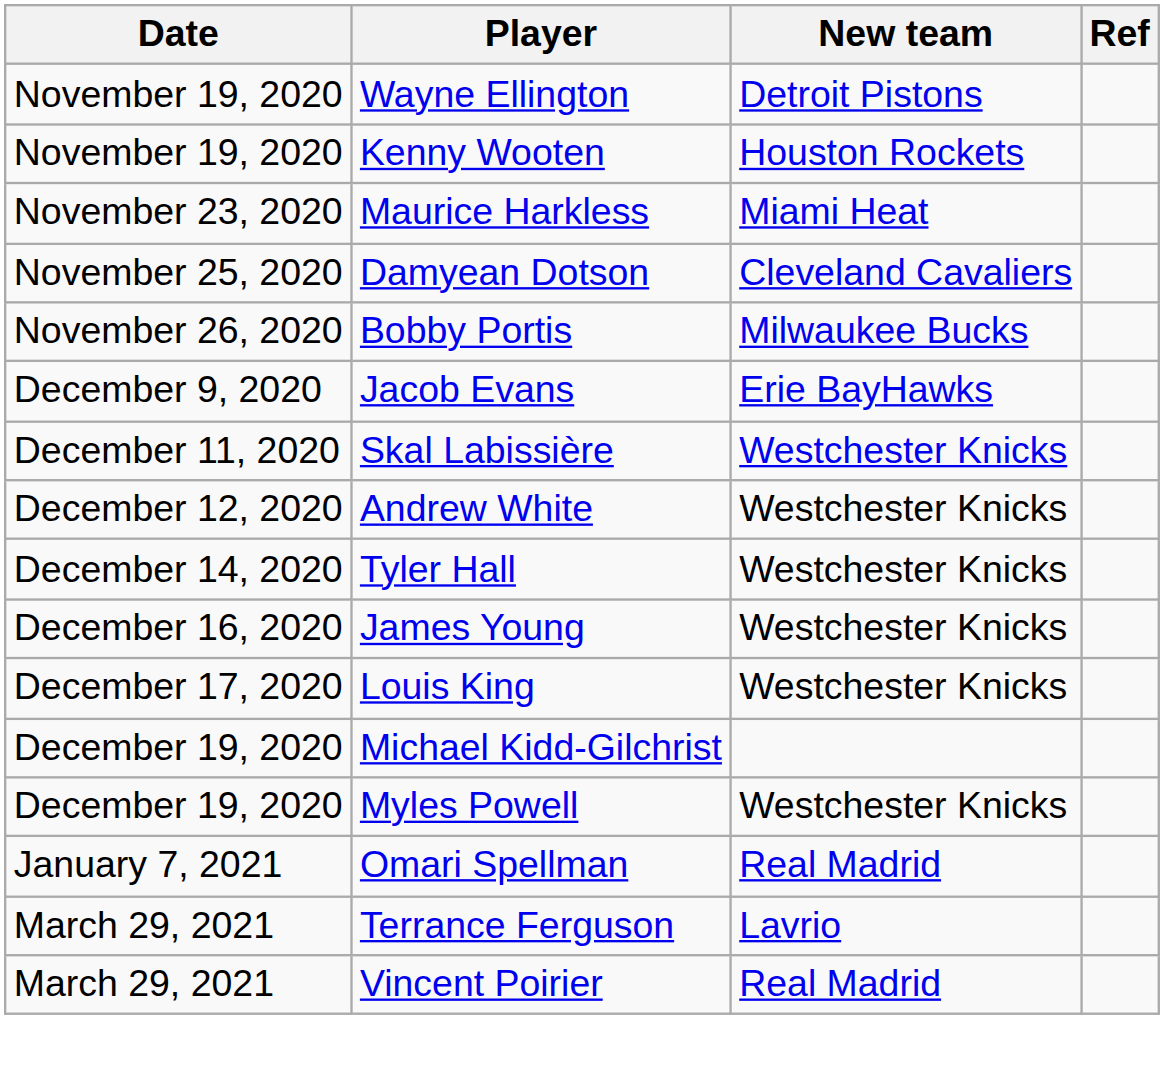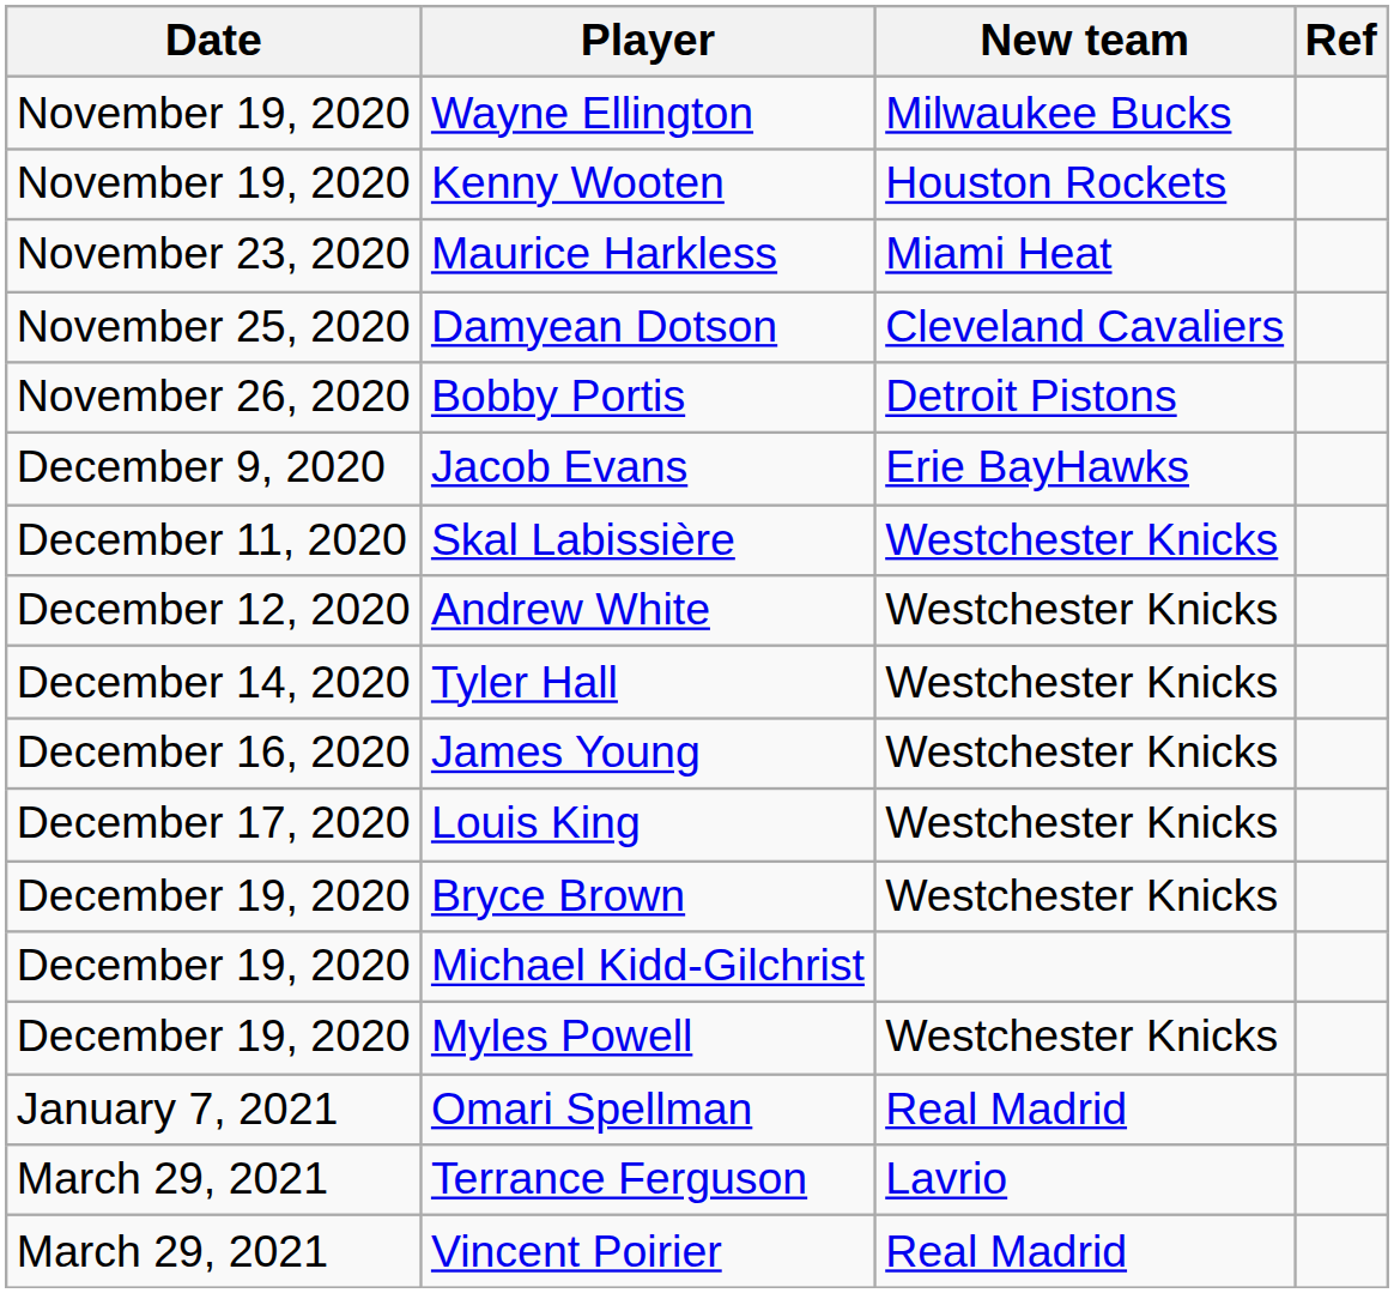 <table class="wikitable" style="text-align:left;">
 <tr>
 <th>Date</th>
 <th>Player</th>
 <th>New team</th>
 <th>Ref</th>
 </tr>
 <tr>
 <td>November 19, 2020</td>
 <td><a href='#'>Wayne Ellington</a></td>
-<td><a href='#'>Detroit Pistons</a></td>
+<td><a href='#'>Milwaukee Bucks</a></td>
 <td></td>
 </tr>
 <tr>
 <td>November 19, 2020</td>
 <td><a href='#'>Kenny Wooten</a></td>
 <td><a href='#'>Houston Rockets</a></td>
 <td></td>
 </tr>
 <tr>
 <td>November 23, 2020</td>
 <td><a href='#'>Maurice Harkless</a></td>
 <td><a href='#'>Miami Heat</a></td>
 <td></td>
 </tr>
 <tr>
 <td>November 25, 2020</td>
 <td><a href='#'>Damyean Dotson</a></td>
 <td><a href='#'>Cleveland Cavaliers</a></td>
 <td></td>
 </tr>
 <tr>
 <td>November 26, 2020</td>
 <td><a href='#'>Bobby Portis</a></td>
-<td><a href='#'>Milwaukee Bucks</a></td>
+<td><a href='#'>Detroit Pistons</a></td>
 <td></td>
 </tr>
 <tr>
 <td>December 9, 2020</td>
 <td><a href='#'>Jacob Evans</a></td>
 <td><a href='#'>Erie BayHawks</a></td>
 <td></td>
 </tr>
 <tr>
 <td>December 11, 2020</td>
 <td><a href='#'>Skal Labissière</a></td>
 <td><a href='#'>Westchester Knicks</a></td>
 <td></td>
 </tr>
 <tr>
 <td>December 12, 2020</td>
 <td><a href='#'>Andrew White</a></td>
 <td>Westchester Knicks</td>
 <td></td>
 </tr>
 <tr>
 <td>December 14, 2020</td>
 <td><a href='#'>Tyler Hall</a></td>
 <td>Westchester Knicks</td>
 <td></td>
 </tr>
 <tr>
 <td>December 16, 2020</td>
 <td><a href='#'>James Young</a></td>
 <td>Westchester Knicks</td>
 <td></td>
 </tr>
 <tr>
 <td>December 17, 2020</td>
 <td><a href='#'>Louis King</a></td>
 <td>Westchester Knicks</td>
 <td></td>
 </tr>
 <tr>
 <td>December 19, 2020</td>
+<td><a href='#'>Bryce Brown</a></td>
+<td>Westchester Knicks</td>
+<td></td>
+</tr>
+<tr>
+<td>December 19, 2020</td>
 <td><a href='#'>Michael Kidd-Gilchrist</a></td>
 <td></td>
 <td></td>
 </tr>
 <tr>
 <td>December 19, 2020</td>
 <td><a href='#'>Myles Powell</a></td>
 <td>Westchester Knicks</td>
 <td></td>
 </tr>
 <tr>
 <td>January 7, 2021</td>
 <td><a href='#'>Omari Spellman</a></td>
 <td><a href='#'>Real Madrid</a></td>
 <td></td>
 </tr>
 <tr>
 <td>March 29, 2021</td>
 <td><a href='#'>Terrance Ferguson</a></td>
 <td><a href='#'>Lavrio</a></td>
 <td></td>
 </tr>
 <tr>
 <td>March 29, 2021</td>
 <td><a href='#'>Vincent Poirier</a></td>
 <td><a href='#'>Real Madrid</a></td>
 <td></td>
 </tr>
 </table>
